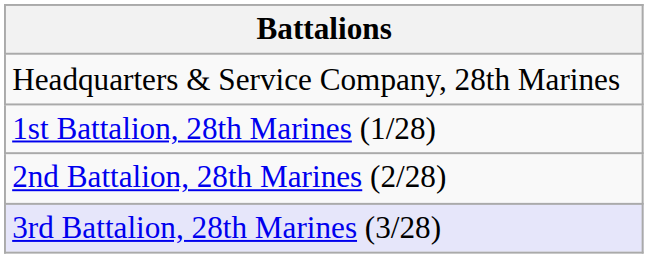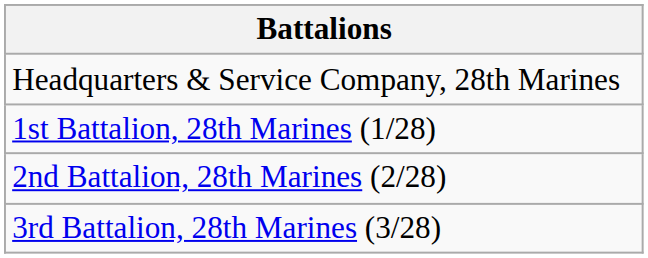 <table class="wikitable" style="text-align: center;">
 <tr>
 <th style="width:20em">Battalions</th>
 </tr>
 <tr>
 <td align="left">Headquarters & Service Company, 28th Marines</td>
 </tr>
 <tr>
 <td align="left"><a href='#'>1st Battalion, 28th Marines</a> (1/28)</td>
 </tr>
 <tr>
 <td align="left"><a href='#'>2nd Battalion, 28th Marines</a> (2/28)</td>
 </tr>
 <tr>
-<td align="left" style="background: lavender;"><a href='#'>3rd Battalion, 28th Marines</a> (3/28)</td>
+<td align="left"><a href='#'>3rd Battalion, 28th Marines</a> (3/28)</td>
 </tr>
 </table>
